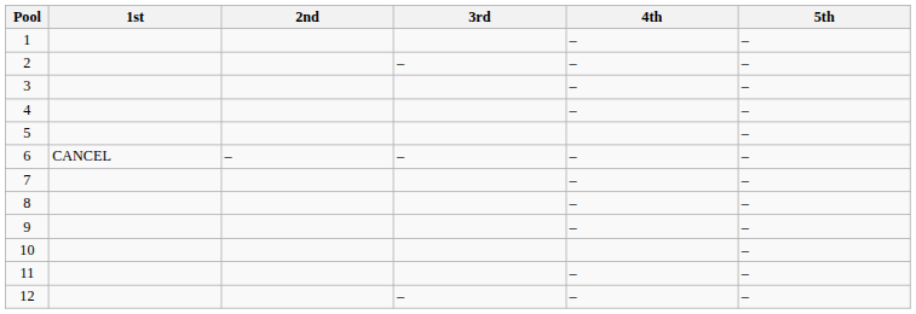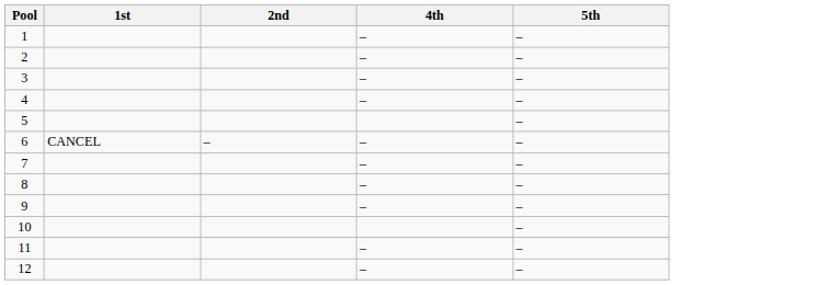 <table class="wikitable" style="text-align:left;">
 <tr>
 <th width=40>Pool</th>
 <th width=180>1st</th>
 <th width=180>2nd</th>
-<th width=180>3rd</th>
 <th width=180>4th</th>
 <th width=180>5th</th>
 </tr>
 <tr>
 <td style="text-align:center">1</td>
-<td></td>
 <td></td>
 <td></td>
 <td>–</td>
 <td>–</td>
 </tr>
 <tr>
 <td style="text-align:center">2</td>
 <td></td>
 <td></td>
 <td>–</td>
 <td>–</td>
-<td>–</td>
 </tr>
 <tr>
 <td style="text-align:center">3</td>
-<td></td>
 <td></td>
 <td></td>
 <td>–</td>
 <td>–</td>
 </tr>
 <tr>
 <td style="text-align:center">4</td>
 <td></td>
 <td></td>
-<td></td>
 <td>–</td>
 <td>–</td>
 </tr>
 <tr>
 <td style="text-align:center">5</td>
-<td></td>
 <td></td>
 <td></td>
 <td></td>
 <td>–</td>
 </tr>
 <tr>
 <td style="text-align:center">6</td>
 <td>CANCEL</td>
 <td>–</td>
 <td>–</td>
 <td>–</td>
-<td>–</td>
 </tr>
 <tr>
 <td style="text-align:center">7</td>
-<td></td>
 <td></td>
 <td></td>
 <td>–</td>
 <td>–</td>
 </tr>
 <tr>
 <td style="text-align:center">8</td>
 <td></td>
 <td></td>
-<td></td>
 <td>–</td>
 <td>–</td>
 </tr>
 <tr>
 <td style="text-align:center">9</td>
-<td></td>
 <td></td>
 <td></td>
 <td>–</td>
 <td>–</td>
 </tr>
 <tr>
 <td style="text-align:center">10</td>
 <td></td>
 <td></td>
 <td></td>
-<td></td>
 <td>–</td>
 </tr>
 <tr>
 <td style="text-align:center">11</td>
-<td></td>
 <td></td>
 <td></td>
 <td>–</td>
 <td>–</td>
 </tr>
 <tr>
 <td style="text-align:center">12</td>
 <td></td>
 <td></td>
 <td>–</td>
 <td>–</td>
-<td>–</td>
 </tr>
 </table>
